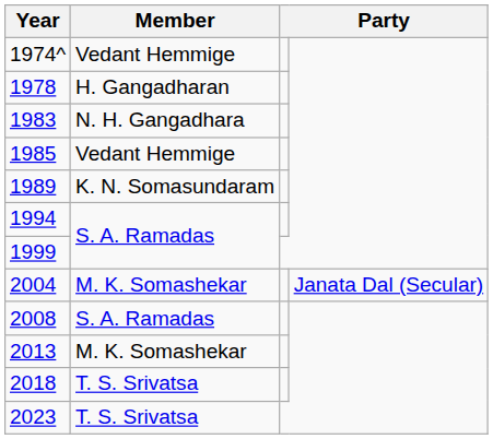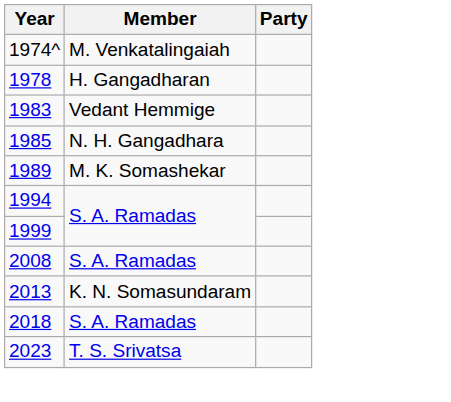 <table class="wikitable sortable">
 <tr>
 <th>Year</th>
 <th>Member</th>
 <th colspan="2">Party</th>
 </tr>
 <tr>
 <td>1974^</td>
-<td>Vedant Hemmige</td>
+<td>M. Venkatalingaiah</td>
 <td></td>
 </tr>
 <tr>
 <td><a href='#'>1978</a></td>
 <td>H. Gangadharan</td>
 <td></td>
 </tr>
 <tr>
 <td><a href='#'>1983</a></td>
+<td>Vedant Hemmige</td>
+<td></td>
+</tr>
+<tr>
+<td><a href='#'>1985</a></td>
 <td>N. H. Gangadhara</td>
 <td></td>
 </tr>
 <tr>
-<td><a href='#'>1985</a></td>
-<td>Vedant Hemmige</td>
-<td></td>
-</tr>
-<tr>
 <td><a href='#'>1989</a></td>
-<td>K. N. Somasundaram</td>
+<td>M. K. Somashekar</td>
 <td></td>
 </tr>
 <tr>
 <td><a href='#'>1994</a></td>
 <td rowspan="2"><a href='#'>S. A. Ramadas</a></td>
 <td></td>
 </tr>
 <tr>
 <td><a href='#'>1999</a></td>
 </tr>
 <tr>
-<td><a href='#'>2004</a></td>
-<td><a href='#'>M. K. Somashekar</a></td>
-<td style="background-color: "></td>
-<td><a href='#'>Janata Dal (Secular)</a></td>
-</tr>
-<tr>
 <td><a href='#'>2008</a></td>
 <td><a href='#'>S. A. Ramadas</a></td>
 <td></td>
 </tr>
 <tr>
 <td><a href='#'>2013</a></td>
-<td>M. K. Somashekar</td>
+<td>K. N. Somasundaram</td>
 <td></td>
 </tr>
 <tr>
 <td><a href='#'>2018</a></td>
-<td><a href='#'>T. S. Srivatsa</a></td>
+<td><a href='#'>S. A. Ramadas</a></td>
 <td></td>
 </tr>
 <tr>
 <td><a href='#'>2023</a></td>
 <td><a href='#'>T. S. Srivatsa</a></td>
 </tr>
 </table>
